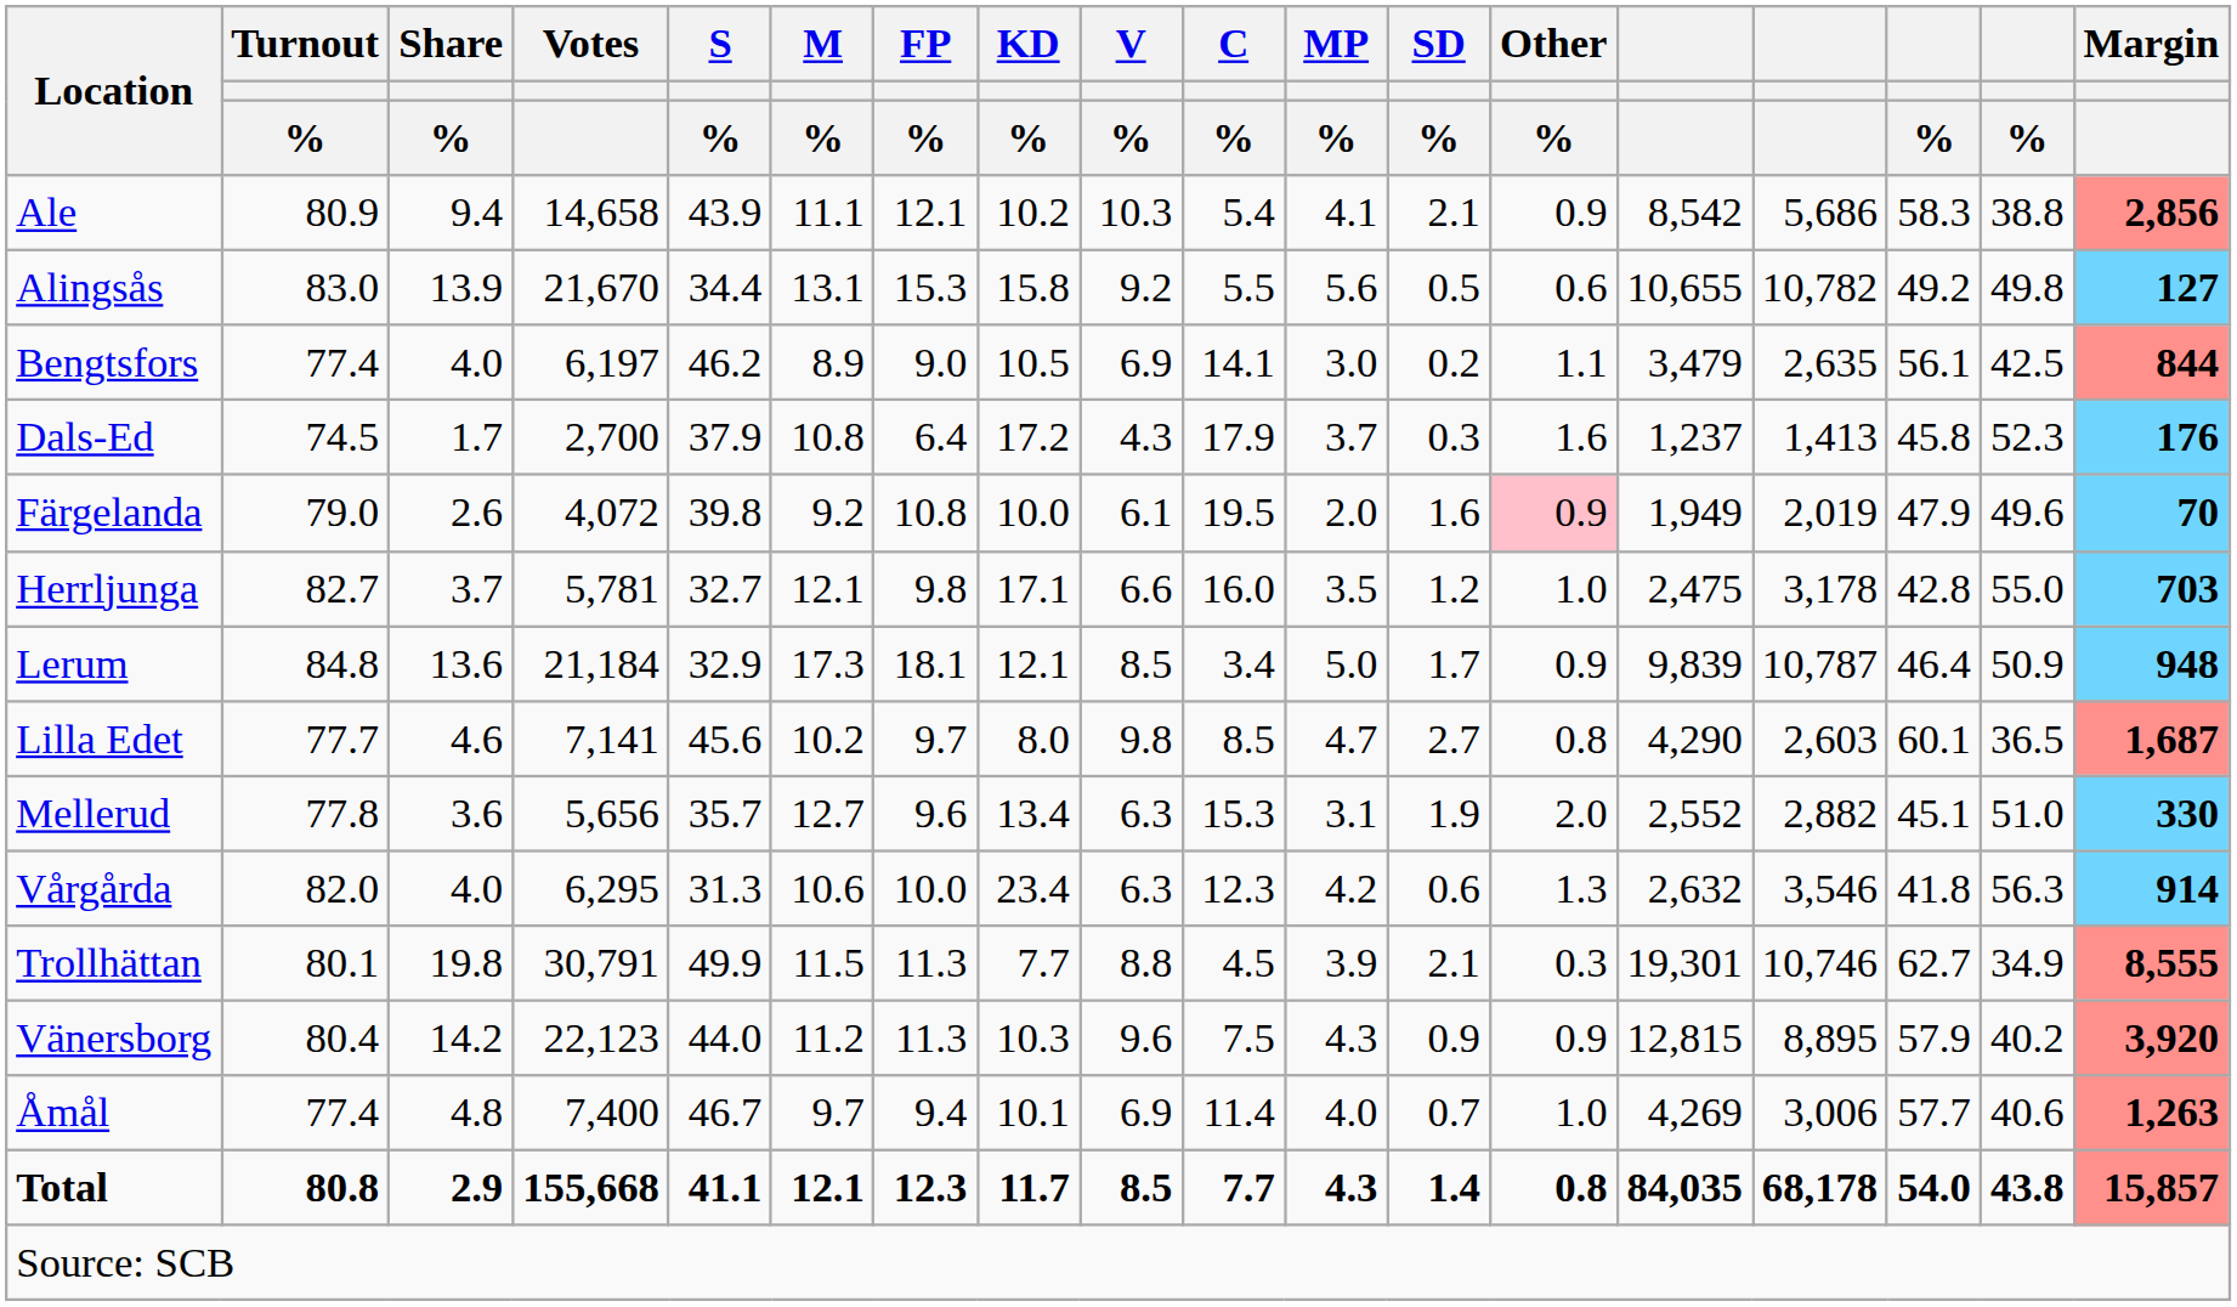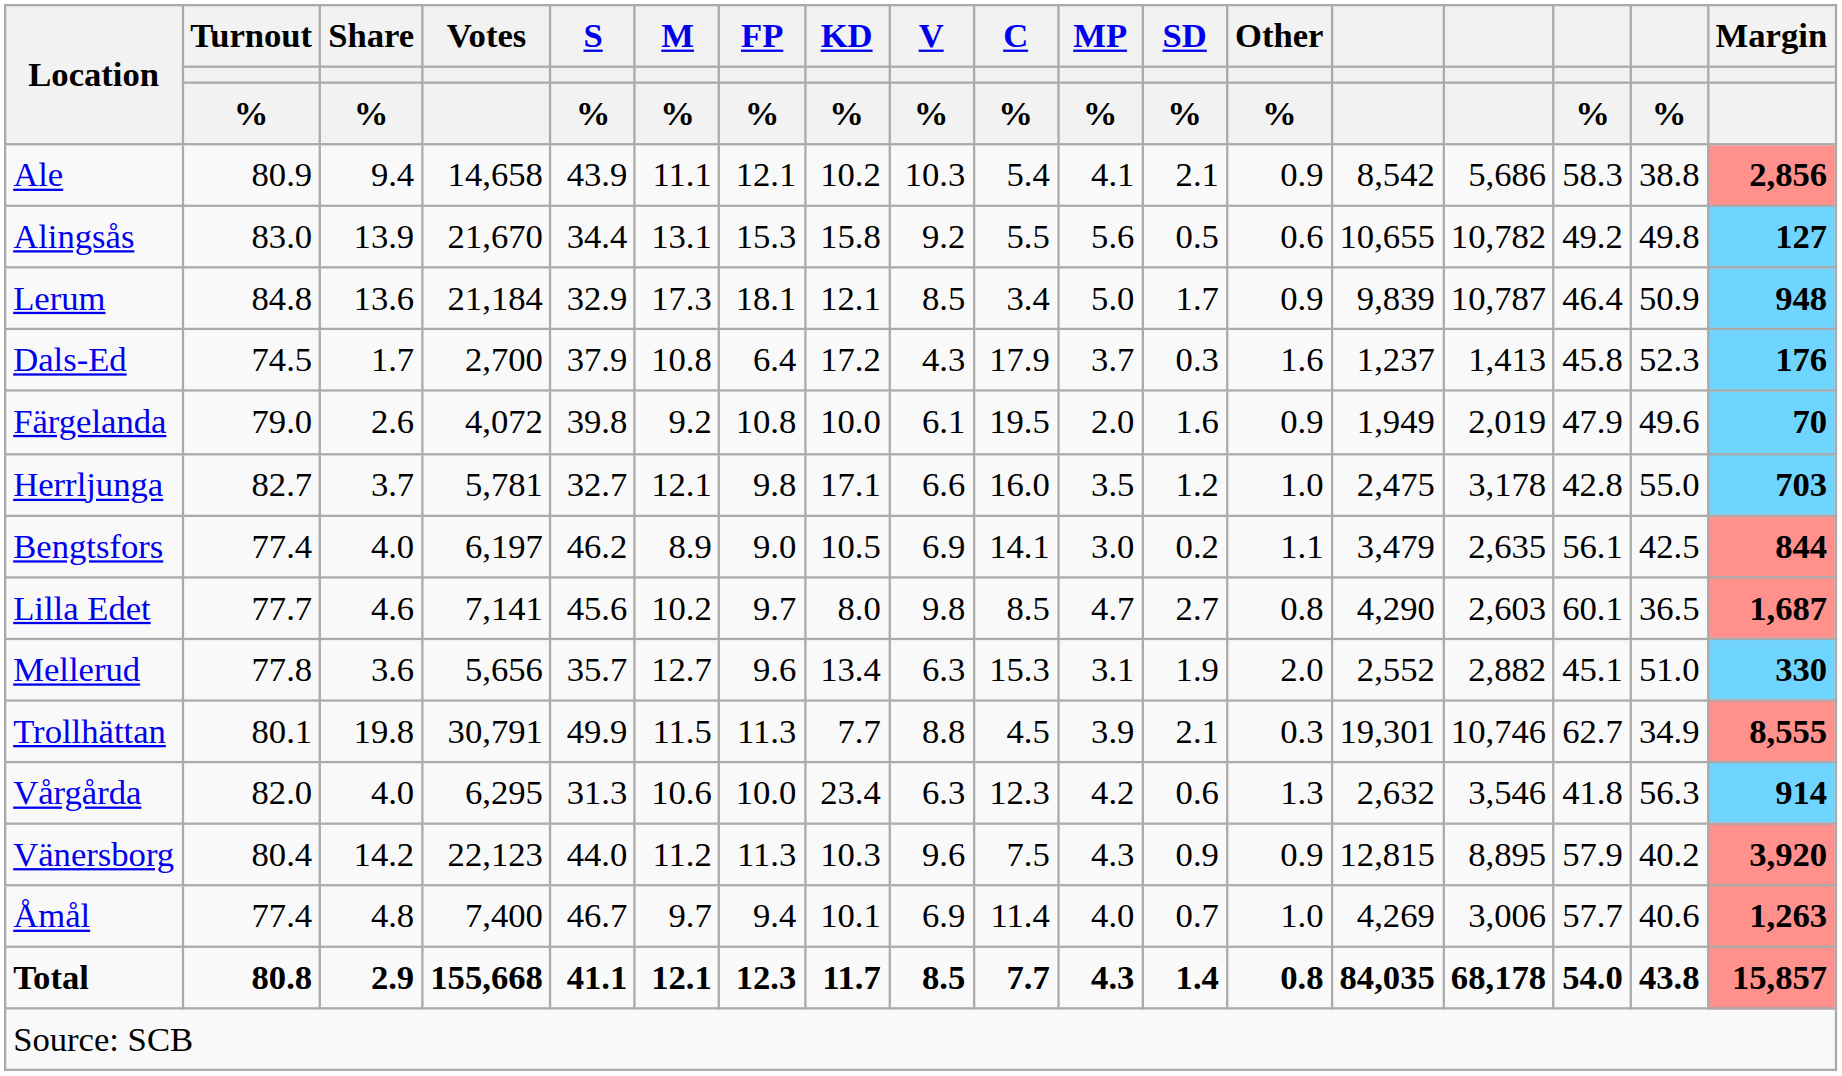 <table class="wikitable sortable" style="text-align:right; font-size:95%; line-height:20px;">
 <tr>
 <th rowspan="3">Location</th>
 <th>Turnout</th>
 <th>Share</th>
 <th>Votes</th>
 <th width="30px" class="unsortable"><a href='#'>S</a></th>
 <th width="30px" class="unsortable"><a href='#'>M</a></th>
 <th width="30px" class="unsortable"><a href='#'>FP</a></th>
 <th width="30px" class="unsortable"><a href='#'>KD</a></th>
 <th width="30px" class="unsortable"><a href='#'>V</a></th>
 <th width="30px" class="unsortable"><a href='#'>C</a></th>
 <th width="30px" class="unsortable"><a href='#'>MP</a></th>
 <th width="30px" class="unsortable"><a href='#'>SD</a></th>
 <th width="30px" class="unsortable">Other</th>
 <th></th>
 <th></th>
 <th></th>
 <th></th>
 <th>Margin</th>
 </tr>
 <tr>
 <th></th>
 <th></th>
 <th></th>
 <th style="background:"></th>
 <th style="background:"></th>
 <th style="background:"></th>
 <th style="background:"></th>
 <th style="background:"></th>
 <th style="background:"></th>
 <th style="background:"></th>
 <th style="background:"></th>
 <th style="background:"></th>
 <th style="background:"></th>
 <th style="background:"></th>
 <th style="background:"></th>
 <th style="background:"></th>
 <th></th>
 </tr>
 <tr>
 <th data-sort-type="number">%</th>
 <th data-sort-type="number">%</th>
 <th></th>
 <th data-sort-type="number">%</th>
 <th data-sort-type="number">%</th>
 <th data-sort-type="number">%</th>
 <th data-sort-type="number">%</th>
 <th data-sort-type="number">%</th>
 <th data-sort-type="number">%</th>
 <th data-sort-type="number">%</th>
 <th data-sort-type="number">%</th>
 <th data-sort-type="number">%</th>
 <th data-sort-type="number"></th>
 <th data-sort-type="number"></th>
 <th data-sort-type="number">%</th>
 <th data-sort-type="number">%</th>
 <th data-sort-type="number"></th>
 </tr>
 <tr>
 <td align=left><a href='#'>Ale</a></td>
 <td>80.9</td>
 <td>9.4</td>
 <td>14,658</td>
 <td>43.9</td>
 <td>11.1</td>
 <td>12.1</td>
 <td>10.2</td>
 <td>10.3</td>
 <td>5.4</td>
 <td>4.1</td>
 <td>2.1</td>
 <td>0.9</td>
 <td>8,542</td>
 <td>5,686</td>
 <td>58.3</td>
 <td>38.8</td>
 <td bgcolor=#ff908c><strong>2,856</strong></td>
 </tr>
 <tr>
 <td align=left><a href='#'>Alingsås</a></td>
 <td>83.0</td>
 <td>13.9</td>
 <td>21,670</td>
 <td>34.4</td>
 <td>13.1</td>
 <td>15.3</td>
 <td>15.8</td>
 <td>9.2</td>
 <td>5.5</td>
 <td>5.6</td>
 <td>0.5</td>
 <td>0.6</td>
 <td>10,655</td>
 <td>10,782</td>
 <td>49.2</td>
 <td>49.8</td>
 <td bgcolor=#6fd5fe><strong>127</strong></td>
 </tr>
 <tr>
-<td align=left><a href='#'>Bengtsfors</a></td>
-<td>77.4</td>
-<td>4.0</td>
-<td>6,197</td>
-<td>46.2</td>
-<td>8.9</td>
-<td>9.0</td>
-<td>10.5</td>
-<td>6.9</td>
-<td>14.1</td>
-<td>3.0</td>
-<td>0.2</td>
-<td>1.1</td>
-<td>3,479</td>
-<td>2,635</td>
-<td>56.1</td>
-<td>42.5</td>
-<td bgcolor=#ff908c><strong>844</strong></td>
+<td align=left><a href='#'>Lerum</a></td>
+<td>84.8</td>
+<td>13.6</td>
+<td>21,184</td>
+<td>32.9</td>
+<td>17.3</td>
+<td>18.1</td>
+<td>12.1</td>
+<td>8.5</td>
+<td>3.4</td>
+<td>5.0</td>
+<td>1.7</td>
+<td>0.9</td>
+<td>9,839</td>
+<td>10,787</td>
+<td>46.4</td>
+<td>50.9</td>
+<td bgcolor=#6fd5fe><strong>948</strong></td>
 </tr>
 <tr>
 <td align=left><a href='#'>Dals-Ed</a></td>
 <td>74.5</td>
 <td>1.7</td>
 <td>2,700</td>
 <td>37.9</td>
 <td>10.8</td>
 <td>6.4</td>
 <td>17.2</td>
 <td>4.3</td>
 <td>17.9</td>
 <td>3.7</td>
 <td>0.3</td>
 <td>1.6</td>
 <td>1,237</td>
 <td>1,413</td>
 <td>45.8</td>
 <td>52.3</td>
 <td bgcolor=#6fd5fe><strong>176</strong></td>
 </tr>
 <tr>
 <td align=left><a href='#'>Färgelanda</a></td>
 <td>79.0</td>
 <td>2.6</td>
 <td>4,072</td>
 <td>39.8</td>
 <td>9.2</td>
 <td>10.8</td>
 <td>10.0</td>
 <td>6.1</td>
 <td>19.5</td>
 <td>2.0</td>
 <td>1.6</td>
-<td style="background: pink;">0.9</td>
+<td>0.9</td>
 <td>1,949</td>
 <td>2,019</td>
 <td>47.9</td>
 <td>49.6</td>
 <td bgcolor=#6fd5fe><strong>70</strong></td>
 </tr>
 <tr>
 <td align=left><a href='#'>Herrljunga</a></td>
 <td>82.7</td>
 <td>3.7</td>
 <td>5,781</td>
 <td>32.7</td>
 <td>12.1</td>
 <td>9.8</td>
 <td>17.1</td>
 <td>6.6</td>
 <td>16.0</td>
 <td>3.5</td>
 <td>1.2</td>
 <td>1.0</td>
 <td>2,475</td>
 <td>3,178</td>
 <td>42.8</td>
 <td>55.0</td>
 <td bgcolor=#6fd5fe><strong>703</strong></td>
 </tr>
 <tr>
-<td align=left><a href='#'>Lerum</a></td>
-<td>84.8</td>
-<td>13.6</td>
-<td>21,184</td>
-<td>32.9</td>
-<td>17.3</td>
-<td>18.1</td>
-<td>12.1</td>
-<td>8.5</td>
-<td>3.4</td>
-<td>5.0</td>
-<td>1.7</td>
-<td>0.9</td>
-<td>9,839</td>
-<td>10,787</td>
-<td>46.4</td>
-<td>50.9</td>
-<td bgcolor=#6fd5fe><strong>948</strong></td>
+<td align=left><a href='#'>Bengtsfors</a></td>
+<td>77.4</td>
+<td>4.0</td>
+<td>6,197</td>
+<td>46.2</td>
+<td>8.9</td>
+<td>9.0</td>
+<td>10.5</td>
+<td>6.9</td>
+<td>14.1</td>
+<td>3.0</td>
+<td>0.2</td>
+<td>1.1</td>
+<td>3,479</td>
+<td>2,635</td>
+<td>56.1</td>
+<td>42.5</td>
+<td bgcolor=#ff908c><strong>844</strong></td>
 </tr>
 <tr>
 <td align=left><a href='#'>Lilla Edet</a></td>
 <td>77.7</td>
 <td>4.6</td>
 <td>7,141</td>
 <td>45.6</td>
 <td>10.2</td>
 <td>9.7</td>
 <td>8.0</td>
 <td>9.8</td>
 <td>8.5</td>
 <td>4.7</td>
 <td>2.7</td>
 <td>0.8</td>
 <td>4,290</td>
 <td>2,603</td>
 <td>60.1</td>
 <td>36.5</td>
 <td bgcolor=#ff908c><strong>1,687</strong></td>
 </tr>
 <tr>
 <td align=left><a href='#'>Mellerud</a></td>
 <td>77.8</td>
 <td>3.6</td>
 <td>5,656</td>
 <td>35.7</td>
 <td>12.7</td>
 <td>9.6</td>
 <td>13.4</td>
 <td>6.3</td>
 <td>15.3</td>
 <td>3.1</td>
 <td>1.9</td>
 <td>2.0</td>
 <td>2,552</td>
 <td>2,882</td>
 <td>45.1</td>
 <td>51.0</td>
 <td bgcolor=#6fd5fe><strong>330</strong></td>
 </tr>
 <tr>
+<td align=left><a href='#'>Trollhättan</a></td>
+<td>80.1</td>
+<td>19.8</td>
+<td>30,791</td>
+<td>49.9</td>
+<td>11.5</td>
+<td>11.3</td>
+<td>7.7</td>
+<td>8.8</td>
+<td>4.5</td>
+<td>3.9</td>
+<td>2.1</td>
+<td>0.3</td>
+<td>19,301</td>
+<td>10,746</td>
+<td>62.7</td>
+<td>34.9</td>
+<td bgcolor=#ff908c><strong>8,555</strong></td>
+</tr>
+<tr>
 <td align=left><a href='#'>Vårgårda</a></td>
 <td>82.0</td>
 <td>4.0</td>
 <td>6,295</td>
 <td>31.3</td>
 <td>10.6</td>
 <td>10.0</td>
 <td>23.4</td>
 <td>6.3</td>
 <td>12.3</td>
 <td>4.2</td>
 <td>0.6</td>
 <td>1.3</td>
 <td>2,632</td>
 <td>3,546</td>
 <td>41.8</td>
 <td>56.3</td>
 <td bgcolor=#6fd5fe><strong>914</strong></td>
-</tr>
-<tr>
-<td align=left><a href='#'>Trollhättan</a></td>
-<td>80.1</td>
-<td>19.8</td>
-<td>30,791</td>
-<td>49.9</td>
-<td>11.5</td>
-<td>11.3</td>
-<td>7.7</td>
-<td>8.8</td>
-<td>4.5</td>
-<td>3.9</td>
-<td>2.1</td>
-<td>0.3</td>
-<td>19,301</td>
-<td>10,746</td>
-<td>62.7</td>
-<td>34.9</td>
-<td bgcolor=#ff908c><strong>8,555</strong></td>
 </tr>
 <tr>
 <td align=left><a href='#'>Vänersborg</a></td>
 <td>80.4</td>
 <td>14.2</td>
 <td>22,123</td>
 <td>44.0</td>
 <td>11.2</td>
 <td>11.3</td>
 <td>10.3</td>
 <td>9.6</td>
 <td>7.5</td>
 <td>4.3</td>
 <td>0.9</td>
 <td>0.9</td>
 <td>12,815</td>
 <td>8,895</td>
 <td>57.9</td>
 <td>40.2</td>
 <td bgcolor=#ff908c><strong>3,920</strong></td>
 </tr>
 <tr>
 <td align=left><a href='#'>Åmål</a></td>
 <td>77.4</td>
 <td>4.8</td>
 <td>7,400</td>
 <td>46.7</td>
 <td>9.7</td>
 <td>9.4</td>
 <td>10.1</td>
 <td>6.9</td>
 <td>11.4</td>
 <td>4.0</td>
 <td>0.7</td>
 <td>1.0</td>
 <td>4,269</td>
 <td>3,006</td>
 <td>57.7</td>
 <td>40.6</td>
 <td bgcolor=#ff908c><strong>1,263</strong></td>
 </tr>
 <tr>
 <td align=left><strong>Total</strong></td>
 <td><strong>80.8</strong></td>
 <td><strong>2.9</strong></td>
 <td><strong>155,668</strong></td>
 <td><strong>41.1</strong></td>
 <td><strong>12.1</strong></td>
 <td><strong>12.3</strong></td>
 <td><strong>11.7</strong></td>
 <td><strong>8.5</strong></td>
 <td><strong>7.7</strong></td>
 <td><strong>4.3</strong></td>
 <td><strong>1.4</strong></td>
 <td><strong>0.8</strong></td>
 <td><strong>84,035</strong></td>
 <td><strong>68,178</strong></td>
 <td><strong>54.0</strong></td>
 <td><strong>43.8</strong></td>
 <td bgcolor=#ff908c><strong>15,857</strong></td>
 </tr>
 <tr>
 <td align=left colspan=18>Source: SCB </td>
 </tr>
 </table>
